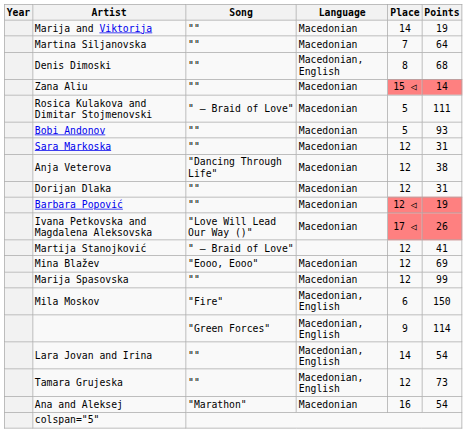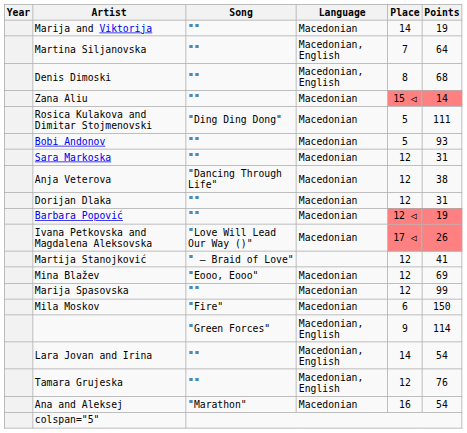 <table class="wikitable sortable plainrowheaders">
 <tr>
 <th scope="col">Year</th>
 <th scope="col">Artist</th>
 <th>Song</th>
 <th scope="col">Language</th>
 <th scope="col" data-sort-type="number">Place</th>
 <th scope="col" data-sort-type="number">Points</th>
 </tr>
 <tr>
 <th scope="row" style="text-align:center;"></th>
 <td>Marija and <a href='#'>Viktorija</a></td>
 <td>"" </td>
 <td>Macedonian</td>
 <td style="text-align:center;">14</td>
 <td style="text-align:center;">19</td>
 </tr>
 <tr>
 <th scope="row" style="text-align:center;"></th>
 <td>Martina Siljanovska</td>
 <td>"" </td>
-<td>Macedonian</td>
+<td>Macedonian, English</td>
 <td style="text-align:center;">7</td>
 <td style="text-align:center;">64</td>
 </tr>
 <tr>
 <th scope="row" style="text-align:center;"></th>
 <td>Denis Dimoski</td>
 <td>"" </td>
 <td>Macedonian, English</td>
 <td style="text-align:center;">8</td>
 <td style="text-align:center;">68</td>
 </tr>
 <tr>
 <th scope="row" style="text-align:center;"></th>
 <td>Zana Aliu</td>
 <td>"" </td>
 <td>Macedonian</td>
 <td style="text-align:center; background-color:#FE8080;">15 ◁</td>
 <td style="text-align:center; background-color:#FE8080;">14</td>
 </tr>
 <tr>
 <th scope="row" style="text-align:center;"></th>
 <td>Rosica Kulakova and Dimitar Stojmenovski</td>
-<td>" – Braid of Love" </td>
+<td>"Ding Ding Dong" </td>
 <td>Macedonian</td>
 <td style="text-align:center;">5</td>
 <td style="text-align:center;">111</td>
 </tr>
 <tr>
 <th scope="row" style="text-align:center;"></th>
 <td><a href='#'>Bobi Andonov</a></td>
 <td>"" </td>
 <td>Macedonian</td>
 <td style="text-align:center;">5</td>
 <td style="text-align:center;">93</td>
 </tr>
 <tr>
 <th scope="row" style="text-align:center;"></th>
 <td><a href='#'>Sara Markoska</a></td>
 <td>"" </td>
 <td>Macedonian</td>
 <td style="text-align:center;">12</td>
 <td style="text-align:center;">31</td>
 </tr>
 <tr>
 <th scope="row" style="text-align:center;"></th>
 <td>Anja Veterova</td>
 <td>"Dancing Through Life"</td>
 <td>Macedonian</td>
 <td style="text-align:center;">12</td>
 <td style="text-align:center;">38</td>
 </tr>
 <tr>
 <th scope="row" style="text-align:center;"></th>
 <td>Dorijan Dlaka</td>
 <td>"" </td>
 <td>Macedonian</td>
 <td style="text-align:center;">12</td>
 <td style="text-align:center;">31</td>
 </tr>
 <tr>
 <th scope="row" style="text-align:center;"></th>
 <td><a href='#'>Barbara Popović</a></td>
 <td>"" </td>
 <td>Macedonian</td>
 <td style="text-align:center; background-color:#FE8080;">12 ◁</td>
 <td style="text-align:center; background-color:#FE8080;">19</td>
 </tr>
 <tr>
 <th scope="row" style="text-align:center;"></th>
 <td>Ivana Petkovska and Magdalena Aleksovska</td>
 <td>"Love Will Lead Our Way ()" </td>
 <td>Macedonian</td>
 <td style="text-align:center; background-color:#FE8080;">17 ◁</td>
 <td style="text-align:center; background-color:#FE8080;">26</td>
 </tr>
 <tr>
 <th scope="row" style="text-align:center;"></th>
 <td>Martija Stanojković</td>
 <td>" – Braid of Love" </td>
 <td></td>
 <td style="text-align:center;">12</td>
 <td style="text-align:center;">41</td>
 </tr>
 <tr>
 <th scope="row" style="text-align:center;"></th>
 <td>Mina Blažev</td>
 <td>"Eooo, Eooo"</td>
 <td>Macedonian</td>
 <td style="text-align:center;">12</td>
 <td style="text-align:center;">69</td>
 </tr>
 <tr>
 <th scope="row" style="text-align:center;"></th>
 <td>Marija Spasovska</td>
 <td>"" </td>
 <td>Macedonian</td>
 <td style="text-align:center;">12</td>
 <td style="text-align:center;">99</td>
 </tr>
 <tr>
 <th scope="row" style="text-align:center;"></th>
 <td>Mila Moskov</td>
 <td>"Fire"</td>
-<td>Macedonian, English</td>
+<td>Macedonian</td>
 <td style="text-align:center;">6</td>
 <td style="text-align:center;">150</td>
 </tr>
 <tr>
 <th scope="row" style="text-align:center;"></th>
 <td></td>
 <td>"Green Forces"</td>
 <td>Macedonian, English</td>
 <td style="text-align:center;">9</td>
 <td style="text-align:center;">114</td>
 </tr>
 <tr>
 <th scope="row" style="text-align:center;"></th>
 <td>Lara  Jovan and Irina</td>
 <td>"" </td>
 <td>Macedonian, English</td>
 <td style="text-align:center;">14</td>
 <td style="text-align:center;">54</td>
 </tr>
 <tr>
 <th scope="row" style="text-align:center;"></th>
 <td>Tamara Grujeska</td>
 <td>"" </td>
 <td>Macedonian, English</td>
 <td style="text-align:center;">12</td>
-<td style="text-align:center;">73</td>
+<td style="text-align:center;">76</td>
 </tr>
 <tr>
 <th scope="row" style="text-align:center;"></th>
 <td>Ana and Aleksej</td>
 <td>"Marathon"</td>
 <td>Macedonian</td>
 <td style="text-align:center;">16</td>
 <td style="text-align:center;">54</td>
 </tr>
 <tr>
 <th scope="row" style="text-align:center;"></th>
 <td>colspan="5" </td>
 </tr>
 </table>
